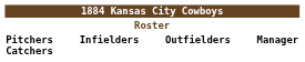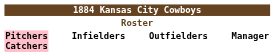 <table class="toccolours" style="font-size: 95%;">
 <tr>
 <th colspan="10" style="background-color: #654321; color: white; text-align: center;">1884 Kansas City Cowboys</th>
 </tr>
 <tr>
 <td colspan="10" style="background-color: white; color: #654321; text-align: center;"><strong>Roster</strong></td>
 </tr>
 <tr>
-<td valign="top"><strong>Pitchers</strong><br>       <strong>Catchers</strong>    </td>
+<td valign="top" style="background: pink;"><strong>Pitchers</strong><br>       <strong>Catchers</strong>    </td>
 <td width="25px"></td>
 <td valign="top"><strong>Infielders</strong><br>                      </td>
 <td width="25px"></td>
 <td valign="top"><strong>Outfielders</strong><br>                </td>
 <td width="25px"></td>
 <td valign="top"><strong>Manager</strong><br>  </td>
 </tr>
 </table>
